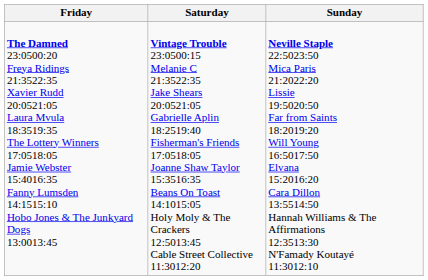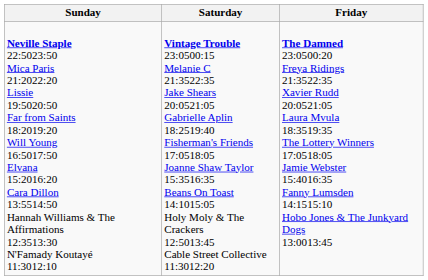 <table class="wikitable">
 <tr>
+<th>Sunday</th>
+<th>Saturday</th>
 <th>Friday</th>
-<th>Saturday</th>
-<th>Sunday</th>
 </tr>
 <tr valign="top">
+<td><br><strong><a href='#'>Neville Staple</a></strong> <br>22:5023:50 <br><a href='#'>Mica Paris</a> <br>21:2022:20 <br><a href='#'>Lissie</a> <br>19:5020:50 <br><a href='#'>Far from Saints</a> <br>18:2019:20 <br><a href='#'>Will Young</a> <br>16:5017:50 <br><a href='#'>Elvana</a> <br>15:2016:20 <br><a href='#'>Cara Dillon</a> <br>13:5514:50 <br>Hannah Williams & The Affirmations <br>12:3513:30 <br>N'Famady Koutayé <br>11:3012:10</td>
+<td><br><strong><a href='#'>Vintage Trouble</a></strong> <br>23:0500:15 <br><a href='#'>Melanie C</a> <br>21:3522:35 <br><a href='#'>Jake Shears</a> <br>20:0521:05 <br><a href='#'>Gabrielle Aplin</a> <br>18:2519:40 <br><a href='#'>Fisherman's Friends</a> <br>17:0518:05 <br><a href='#'>Joanne Shaw Taylor</a> <br>15:3516:35 <br><a href='#'>Beans On Toast</a> <br>14:1015:05 <br>Holy Moly & The Crackers <br>12:5013:45 <br>Cable Street Collective <br>11:3012:20</td>
 <td><br><strong><a href='#'>The Damned</a></strong> <br>23:0500:20 <br><a href='#'>Freya Ridings</a> <br>21:3522:35 <br><a href='#'>Xavier Rudd</a> <br>20:0521:05 <br><a href='#'>Laura Mvula</a> <br>18:3519:35 <br><a href='#'>The Lottery Winners</a> <br>17:0518:05 <br><a href='#'>Jamie Webster</a> <br>15:4016:35 <br><a href='#'>Fanny Lumsden</a> <br>14:1515:10 <br><a href='#'>Hobo Jones & The Junkyard Dogs</a> <br>13:0013:45</td>
-<td><br><strong><a href='#'>Vintage Trouble</a></strong> <br>23:0500:15 <br><a href='#'>Melanie C</a> <br>21:3522:35 <br><a href='#'>Jake Shears</a> <br>20:0521:05 <br><a href='#'>Gabrielle Aplin</a> <br>18:2519:40 <br><a href='#'>Fisherman's Friends</a> <br>17:0518:05 <br><a href='#'>Joanne Shaw Taylor</a> <br>15:3516:35 <br><a href='#'>Beans On Toast</a> <br>14:1015:05 <br>Holy Moly & The Crackers <br>12:5013:45 <br>Cable Street Collective <br>11:3012:20</td>
-<td><br><strong><a href='#'>Neville Staple</a></strong> <br>22:5023:50 <br><a href='#'>Mica Paris</a> <br>21:2022:20 <br><a href='#'>Lissie</a> <br>19:5020:50 <br><a href='#'>Far from Saints</a> <br>18:2019:20 <br><a href='#'>Will Young</a> <br>16:5017:50 <br><a href='#'>Elvana</a> <br>15:2016:20 <br><a href='#'>Cara Dillon</a> <br>13:5514:50 <br>Hannah Williams & The Affirmations <br>12:3513:30 <br>N'Famady Koutayé <br>11:3012:10</td>
 </tr>
 </table>
